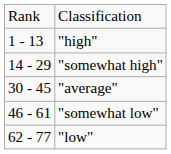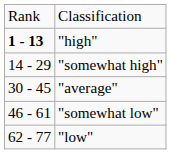 <table class="wikitable" ---valign=top>
 <tr>
 <td>Rank</td>
 <td>Classification</td>
 </tr>
 <tr>
-<td>1 - 13</td>
+<td><strong>1 - 13</strong></td>
 <td>"high"</td>
 </tr>
 <tr>
 <td>14 - 29</td>
 <td>"somewhat high"</td>
 </tr>
 <tr>
 <td>30 - 45</td>
 <td>"average"</td>
 </tr>
 <tr>
 <td>46 - 61</td>
 <td>"somewhat low"</td>
 </tr>
 <tr>
 <td>62 - 77</td>
 <td>"low"</td>
 </tr>
 </table>
